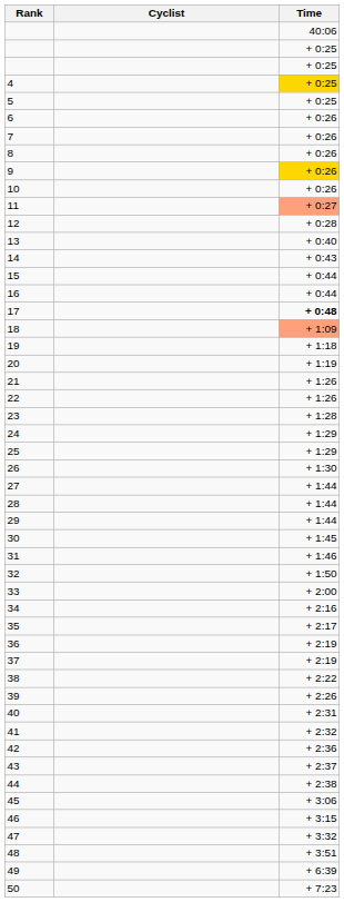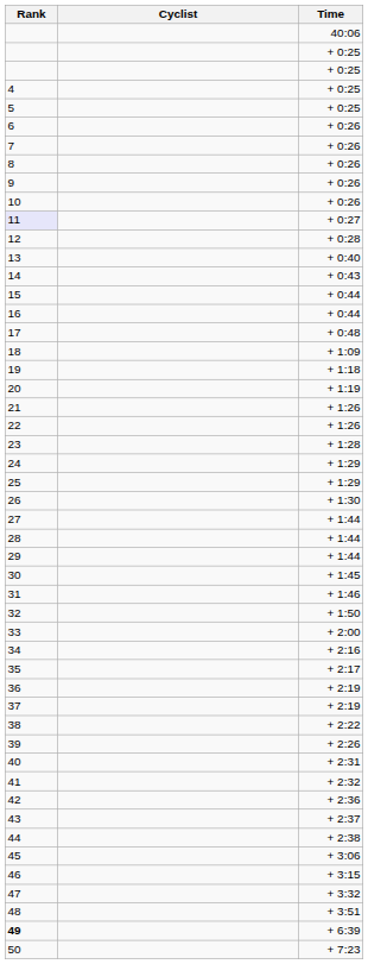 <table class="wikitable">
 <tr>
 <th style="width: 4em;">Rank</th>
 <th style="width: 20em;">Cyclist</th>
 <th style="width: 5em;">Time</th>
 </tr>
 <tr>
 <td></td>
 <td></td>
 <td align="right">40:06</td>
 </tr>
 <tr>
 <td></td>
 <td></td>
 <td align="right">+ 0:25</td>
 </tr>
 <tr>
 <td></td>
 <td></td>
 <td align="right">+ 0:25</td>
 </tr>
 <tr>
 <td>4</td>
 <td></td>
-<td align="right" style="background: gold;">+ 0:25</td>
+<td align="right">+ 0:25</td>
 </tr>
 <tr>
 <td>5</td>
 <td></td>
 <td align="right">+ 0:25</td>
 </tr>
 <tr>
 <td>6</td>
 <td></td>
 <td align="right">+ 0:26</td>
 </tr>
 <tr>
 <td>7</td>
 <td></td>
 <td align="right">+ 0:26</td>
 </tr>
 <tr>
 <td>8</td>
 <td></td>
 <td align="right">+ 0:26</td>
 </tr>
 <tr>
 <td>9</td>
 <td></td>
-<td align="right" style="background: gold;">+ 0:26</td>
+<td align="right">+ 0:26</td>
 </tr>
 <tr>
 <td>10</td>
 <td></td>
 <td align="right">+ 0:26</td>
 </tr>
 <tr>
-<td>11</td>
+<td style="background: lavender;">11</td>
 <td></td>
-<td align="right" style="background: lightsalmon;">+ 0:27</td>
+<td align="right">+ 0:27</td>
 </tr>
 <tr>
 <td>12</td>
 <td></td>
 <td align="right">+ 0:28</td>
 </tr>
 <tr>
 <td>13</td>
 <td></td>
 <td align="right">+ 0:40</td>
 </tr>
 <tr>
 <td>14</td>
 <td></td>
 <td align="right">+ 0:43</td>
 </tr>
 <tr>
 <td>15</td>
 <td></td>
 <td align="right">+ 0:44</td>
 </tr>
 <tr>
 <td>16</td>
 <td></td>
 <td align="right">+ 0:44</td>
 </tr>
 <tr>
 <td>17</td>
 <td></td>
-<td align="right"><strong>+ 0:48</strong></td>
+<td align="right">+ 0:48</td>
 </tr>
 <tr>
 <td>18</td>
 <td></td>
-<td align="right" style="background: lightsalmon;">+ 1:09</td>
+<td align="right">+ 1:09</td>
 </tr>
 <tr>
 <td>19</td>
 <td></td>
 <td align="right">+ 1:18</td>
 </tr>
 <tr>
 <td>20</td>
 <td></td>
 <td align="right">+ 1:19</td>
 </tr>
 <tr>
 <td>21</td>
 <td></td>
 <td align="right">+ 1:26</td>
 </tr>
 <tr>
 <td>22</td>
 <td></td>
 <td align="right">+ 1:26</td>
 </tr>
 <tr>
 <td>23</td>
 <td></td>
 <td align="right">+ 1:28</td>
 </tr>
 <tr>
 <td>24</td>
 <td></td>
 <td align="right">+ 1:29</td>
 </tr>
 <tr>
 <td>25</td>
 <td></td>
 <td align="right">+ 1:29</td>
 </tr>
 <tr>
 <td>26</td>
 <td></td>
 <td align="right">+ 1:30</td>
 </tr>
 <tr>
 <td>27</td>
 <td></td>
 <td align="right">+ 1:44</td>
 </tr>
 <tr>
 <td>28</td>
 <td></td>
 <td align="right">+ 1:44</td>
 </tr>
 <tr>
 <td>29</td>
 <td></td>
 <td align="right">+ 1:44</td>
 </tr>
 <tr>
 <td>30</td>
 <td></td>
 <td align="right">+ 1:45</td>
 </tr>
 <tr>
 <td>31</td>
 <td></td>
 <td align="right">+ 1:46</td>
 </tr>
 <tr>
 <td>32</td>
 <td></td>
 <td align="right">+ 1:50</td>
 </tr>
 <tr>
 <td>33</td>
 <td></td>
 <td align="right">+ 2:00</td>
 </tr>
 <tr>
 <td>34</td>
 <td></td>
 <td align="right">+ 2:16</td>
 </tr>
 <tr>
 <td>35</td>
 <td></td>
 <td align="right">+ 2:17</td>
 </tr>
 <tr>
 <td>36</td>
 <td></td>
 <td align="right">+ 2:19</td>
 </tr>
 <tr>
 <td>37</td>
 <td></td>
 <td align="right">+ 2:19</td>
 </tr>
 <tr>
 <td>38</td>
 <td></td>
 <td align="right">+ 2:22</td>
 </tr>
 <tr>
 <td>39</td>
 <td></td>
 <td align="right">+ 2:26</td>
 </tr>
 <tr>
 <td>40</td>
 <td></td>
 <td align="right">+ 2:31</td>
 </tr>
 <tr>
 <td>41</td>
 <td></td>
 <td align="right">+ 2:32</td>
 </tr>
 <tr>
 <td>42</td>
 <td></td>
 <td align="right">+ 2:36</td>
 </tr>
 <tr>
 <td>43</td>
 <td></td>
 <td align="right">+ 2:37</td>
 </tr>
 <tr>
 <td>44</td>
 <td></td>
 <td align="right">+ 2:38</td>
 </tr>
 <tr>
 <td>45</td>
 <td></td>
 <td align="right">+ 3:06</td>
 </tr>
 <tr>
 <td>46</td>
 <td></td>
 <td align="right">+ 3:15</td>
 </tr>
 <tr>
 <td>47</td>
 <td></td>
 <td align="right">+ 3:32</td>
 </tr>
 <tr>
 <td>48</td>
 <td></td>
 <td align="right">+ 3:51</td>
 </tr>
 <tr>
-<td>49</td>
+<td><strong>49</strong></td>
 <td></td>
 <td align="right">+ 6:39</td>
 </tr>
 <tr>
 <td>50</td>
 <td></td>
 <td align="right">+ 7:23</td>
 </tr>
 </table>
